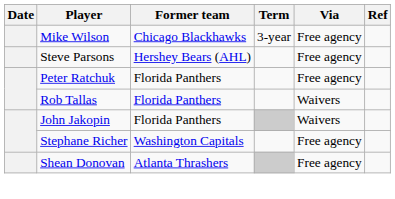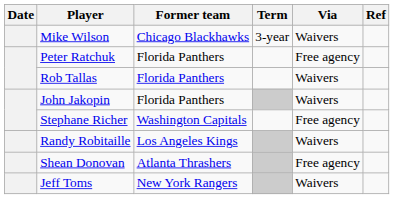 <table class="wikitable plainrowheaders">
 <tr style="background:#ddd; text-align:center;">
 <th>Date</th>
 <th>Player</th>
 <th>Former team</th>
 <th>Term</th>
 <th>Via</th>
 <th>Ref</th>
 </tr>
 <tr>
 <th scope="row"></th>
 <td><a href='#'>Mike Wilson</a></td>
 <td><a href='#'>Chicago Blackhawks</a></td>
 <td>3-year</td>
-<td>Free agency</td>
-<td></td>
-</tr>
-<tr>
-<th scope="row"></th>
-<td>Steve Parsons</td>
-<td><a href='#'>Hershey Bears</a> (<a href='#'>AHL</a>)</td>
-<td></td>
-<td>Free agency</td>
+<td>Waivers</td>
 <td></td>
 </tr>
 <tr>
 <th scope="row" rowspan=2></th>
 <td><a href='#'>Peter Ratchuk</a></td>
 <td>Florida Panthers</td>
 <td></td>
 <td>Free agency</td>
 <td></td>
 </tr>
 <tr>
 <td><a href='#'>Rob Tallas</a></td>
 <td><a href='#'>Florida Panthers</a></td>
 <td></td>
 <td>Waivers</td>
 <td></td>
 </tr>
 <tr>
 <th scope="row" rowspan=2></th>
 <td><a href='#'>John Jakopin</a></td>
 <td>Florida Panthers</td>
 <td style="background:#ccc"></td>
 <td>Waivers</td>
 <td></td>
 </tr>
 <tr>
 <td><a href='#'>Stephane Richer</a></td>
 <td><a href='#'>Washington Capitals</a></td>
 <td></td>
 <td>Free agency</td>
 <td></td>
 </tr>
 <tr>
 <th scope="row"></th>
+<td><a href='#'>Randy Robitaille</a></td>
+<td><a href='#'>Los Angeles Kings</a></td>
+<td style="background:#ccc"></td>
+<td>Waivers</td>
+<td></td>
+</tr>
+<tr>
+<th scope="row"></th>
 <td><a href='#'>Shean Donovan</a></td>
 <td><a href='#'>Atlanta Thrashers</a></td>
 <td style="background:#ccc"></td>
 <td>Free agency</td>
 <td></td>
 </tr>
+<tr>
+<th scope="row"></th>
+<td><a href='#'>Jeff Toms</a></td>
+<td><a href='#'>New York Rangers</a></td>
+<td style="background:#ccc"></td>
+<td>Waivers</td>
+<td></td>
+</tr>
 </table>
